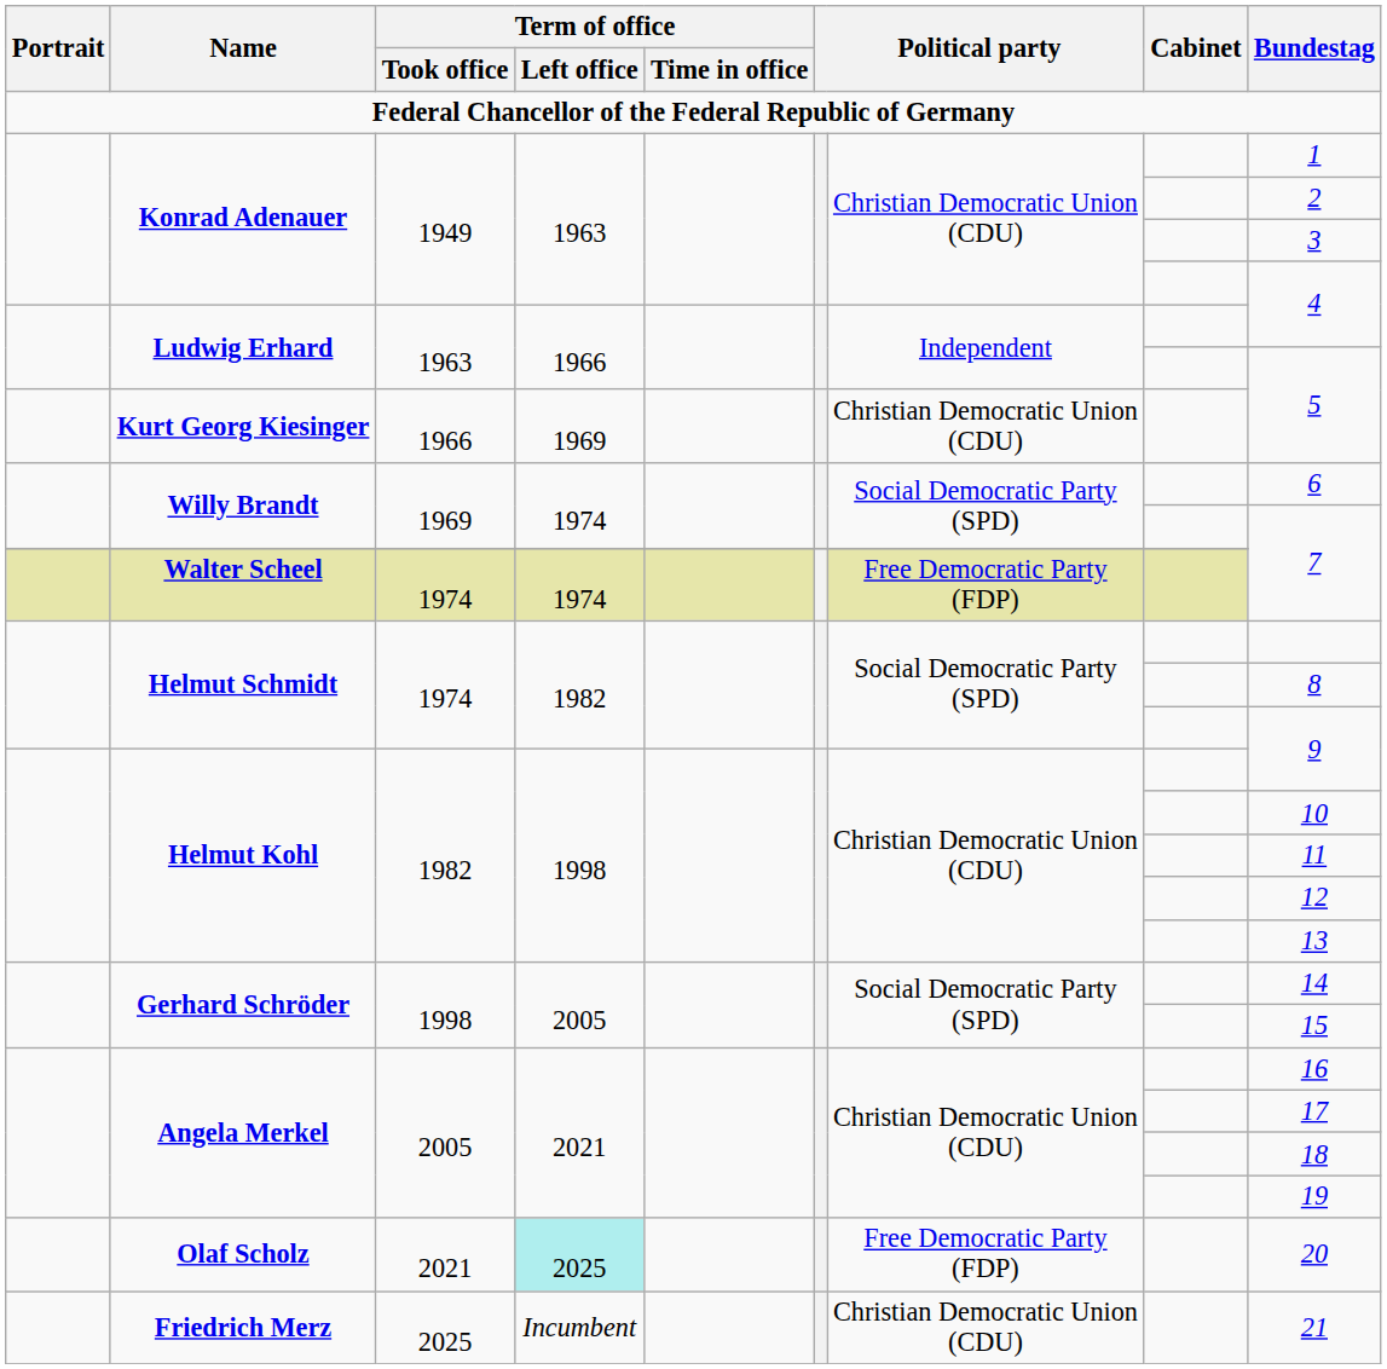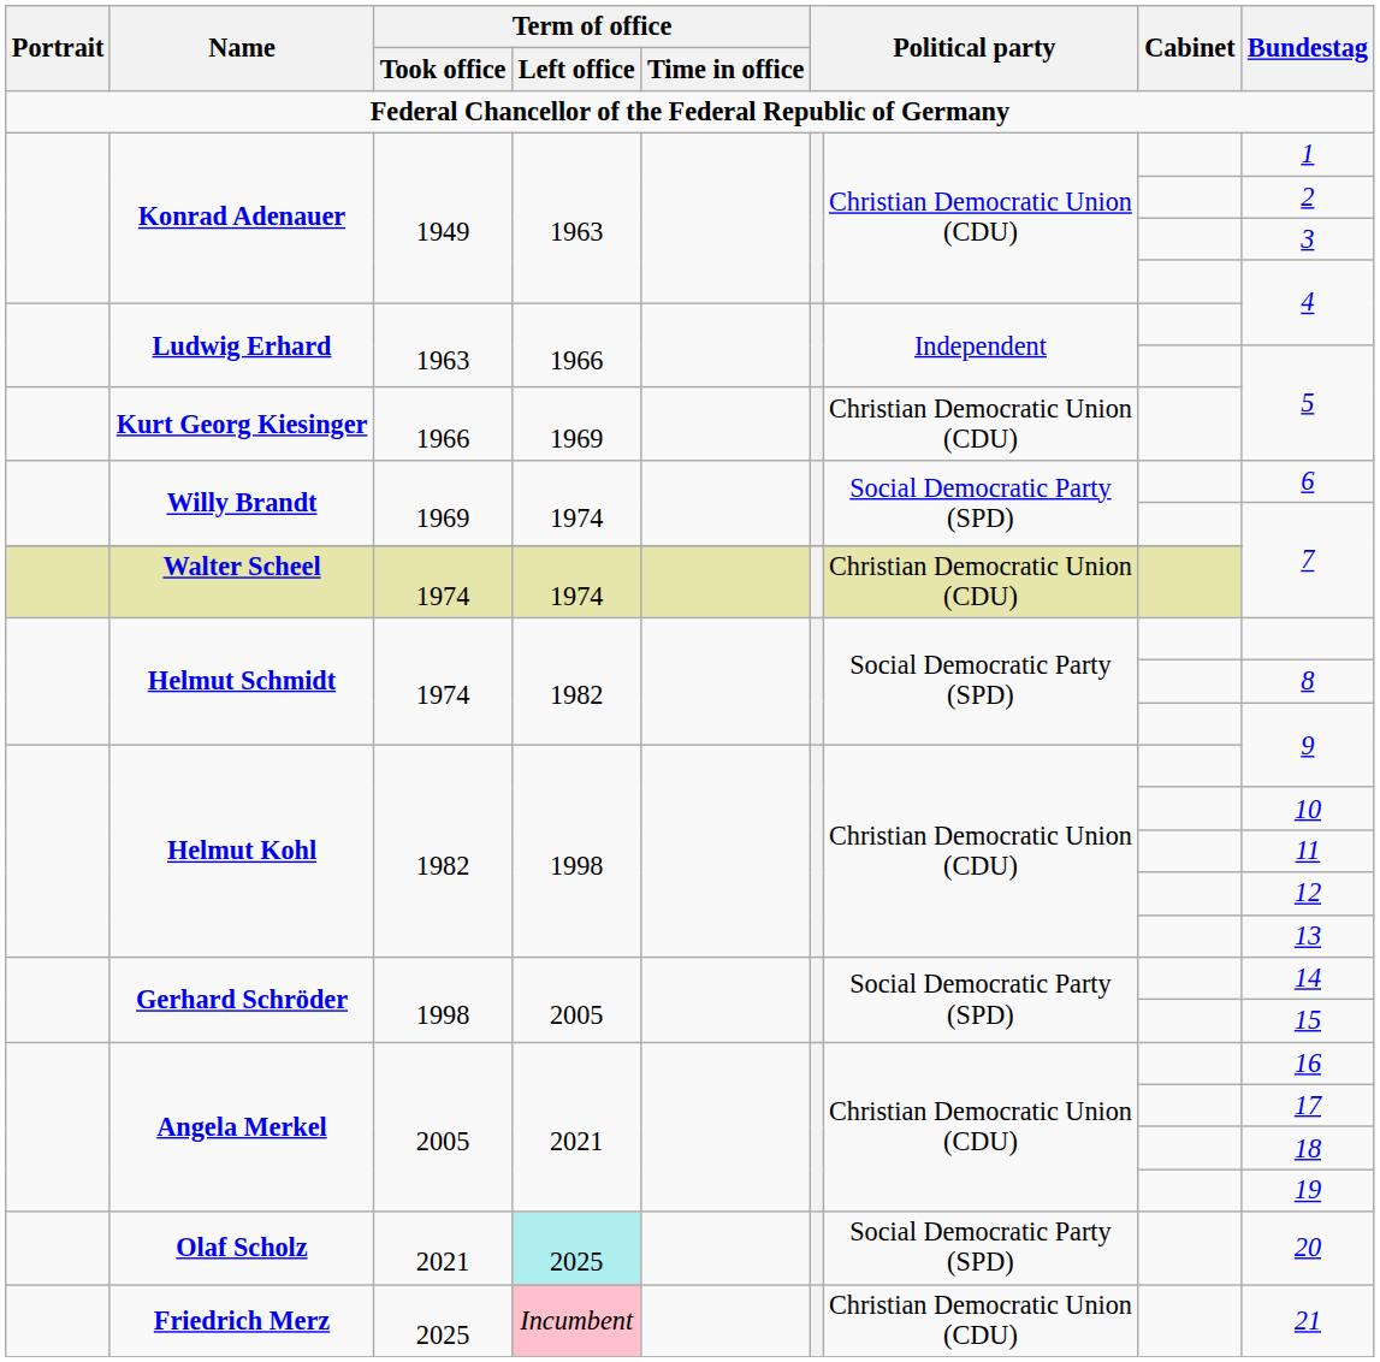 <table class="wikitable" style="text-align:center">
 <tr>
 <th rowspan=2 scope="col" class=unsortable>Portrait</th>
 <th rowspan=2>Name<br></th>
 <th colspan=3>Term of office</th>
 <th colspan=2 rowspan=2>Political party</th>
 <th rowspan=2>Cabinet</th>
 <th rowspan=2><a href='#'>Bundestag</a></th>
 </tr>
 <tr>
 <th>Took office</th>
 <th>Left office</th>
 <th>Time in office</th>
 </tr>
 <tr>
 <td colspan="9"><strong>Federal Chancellor of the Federal Republic of Germany</strong></td>
 </tr>
 <tr>
 <td rowspan="4"></td>
 <td rowspan="4"><strong><a href='#'>Konrad Adenauer</a></strong><br></td>
 <td rowspan="4"><br>1949</td>
 <td rowspan="4"><br>1963</td>
 <td rowspan="4"><small></small></td>
 <th rowspan="4" style="background:"></th>
 <td rowspan="4"><a href='#'>Christian Democratic Union</a><br>(CDU)</td>
 <td><br></td>
 <td><a href='#'><em>1</em></a> </td>
 </tr>
 <tr>
 <td><br></td>
 <td><a href='#'><em>2</em></a> </td>
 </tr>
 <tr>
 <td><br></td>
 <td><a href='#'><em>3</em> </a></td>
 </tr>
 <tr>
 <td><br></td>
 <td rowspan="2"><a href='#'><em>4</em> </a></td>
 </tr>
 <tr>
 <td rowspan="2"></td>
 <td rowspan="2"><strong><a href='#'>Ludwig Erhard</a></strong><br></td>
 <td rowspan="2"><br>1963</td>
 <td rowspan="2"><br>1966</td>
 <td rowspan="2"><small></small></td>
 <th rowspan="2" style="background:"></th>
 <td rowspan="2"><a href='#'>Independent</a></td>
 <td><br></td>
 </tr>
 <tr>
 <td><br></td>
 <td rowspan="2"><a href='#'><em>5</em> </a></td>
 </tr>
 <tr>
 <td></td>
 <td><strong><a href='#'>Kurt Georg Kiesinger</a></strong><br></td>
 <td><br>1966</td>
 <td><br>1969</td>
 <td><small></small></td>
 <th style="background:"></th>
 <td>Christian Democratic Union<br>(CDU)</td>
 <td><br></td>
 </tr>
 <tr>
 <td rowspan="2"></td>
 <td rowspan="2"><strong><a href='#'>Willy Brandt</a></strong><br></td>
 <td rowspan="2"><br>1969</td>
 <td rowspan="2"><br>1974</td>
 <td rowspan="2"><small></small></td>
 <th rowspan="2" style="background:"></th>
 <td rowspan="2"><a href='#'>Social Democratic Party</a><br>(SPD)</td>
 <td><br></td>
 <td><a href='#'><em>6</em> </a></td>
 </tr>
 <tr>
 <td><br></td>
 <td rowspan="3"><a href='#'><em>7</em> </a></td>
 </tr>
 <tr>
 </tr>
 <tr style="background-color: #E6E6AA">
 <td></td>
 <td style="background-color: #E6E6AA"><strong><a href='#'>Walter Scheel</a></strong><br><br></td>
 <td><br>1974</td>
 <td><br>1974</td>
 <td><small></small></td>
 <th style="background:"></th>
-<td><a href='#'>Free Democratic Party</a><br>(FDP)</td>
+<td>Christian Democratic Union<br>(CDU)</td>
 <td><br></td>
 </tr>
 <tr>
 <td rowspan="3"></td>
 <td rowspan="3"><strong><a href='#'>Helmut Schmidt</a></strong><br></td>
 <td rowspan="3"><br>1974</td>
 <td rowspan="3"><br>1982</td>
 <td rowspan="3"><small></small></td>
 <th rowspan="3" style="background:"></th>
 <td rowspan="3" data-sort-value="SPD">Social Democratic Party<br>(SPD)</td>
 <td><br></td>
 </tr>
 <tr>
 <td><br></td>
 <td><a href='#'><em>8</em> </a></td>
 </tr>
 <tr>
 <td><br></td>
 <td rowspan="2"><a href='#'><em>9</em> </a></td>
 </tr>
 <tr>
 <td rowspan="5"></td>
 <td rowspan="5"><strong><a href='#'>Helmut Kohl</a></strong><br></td>
 <td rowspan="5"><br>1982</td>
 <td rowspan="5"><br>1998</td>
 <td rowspan="5"><small></small></td>
 <th rowspan="5" style="background:"></th>
 <td rowspan="5">Christian Democratic Union<br>(CDU)</td>
 <td><br></td>
 </tr>
 <tr>
 <td><br></td>
 <td><a href='#'><em>10</em> </a></td>
 </tr>
 <tr>
 <td><br></td>
 <td><a href='#'><em>11</em> </a></td>
 </tr>
 <tr>
 <td><br></td>
 <td><a href='#'><em>12</em> </a></td>
 </tr>
 <tr>
 <td><br></td>
 <td><a href='#'><em>13</em> </a></td>
 </tr>
 <tr>
 <td rowspan="2"></td>
 <td rowspan="2"><strong><a href='#'>Gerhard Schröder</a></strong><br></td>
 <td rowspan="2"><br>1998</td>
 <td rowspan="2"><br>2005</td>
 <td rowspan="2"><small></small></td>
 <th rowspan="2" style="background:"></th>
 <td rowspan="2" data-sort-value="SPD">Social Democratic Party<br>(SPD)</td>
 <td><br></td>
 <td><a href='#'><em>14</em> </a></td>
 </tr>
 <tr>
 <td><br></td>
 <td><a href='#'><em>15</em> </a></td>
 </tr>
 <tr>
 <td rowspan="4"></td>
 <td rowspan="4"><strong><a href='#'>Angela Merkel</a></strong><br></td>
 <td rowspan="4"><br>2005</td>
 <td rowspan="4"><br>2021</td>
 <td rowspan="4"><small></small></td>
 <th rowspan="4" style="background:"></th>
 <td rowspan="4">Christian Democratic Union<br>(CDU)</td>
 <td><br></td>
 <td><a href='#'><em>16</em> </a></td>
 </tr>
 <tr>
 <td><br></td>
 <td><a href='#'><em>17</em> </a></td>
 </tr>
 <tr>
 <td><br></td>
 <td><a href='#'><em>18</em> </a></td>
 </tr>
 <tr>
 <td><br></td>
 <td><a href='#'><em>19</em> </a></td>
 </tr>
 <tr>
 <td></td>
 <td><strong><a href='#'>Olaf Scholz</a></strong><br></td>
 <td><br>2021</td>
 <td style="background: paleturquoise;"><br>2025</td>
 <td><small></small></td>
 <th style="background:"></th>
-<td><a href='#'>Free Democratic Party</a><br>(FDP)</td>
+<td>Social Democratic Party<br>(SPD)</td>
 <td><br></td>
 <td><a href='#'><em>20</em> </a></td>
 </tr>
 <tr>
 <td></td>
 <td><strong><a href='#'>Friedrich Merz</a></strong><br></td>
 <td><br>2025</td>
-<td><em>Incumbent</em></td>
+<td style="background: pink;"><em>Incumbent</em></td>
 <td><small></small></td>
 <th style="background:"></th>
 <td>Christian Democratic Union<br>(CDU)</td>
 <td><br></td>
 <td><a href='#'><em>21</em> </a></td>
 </tr>
 </table>
